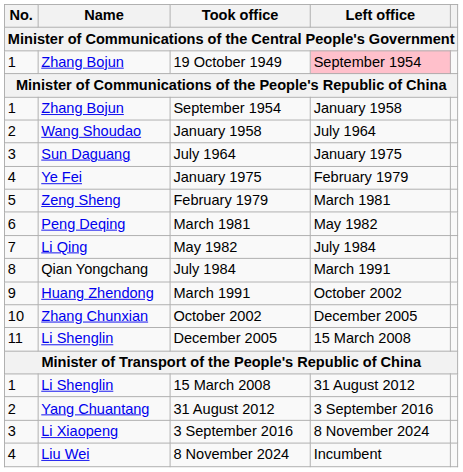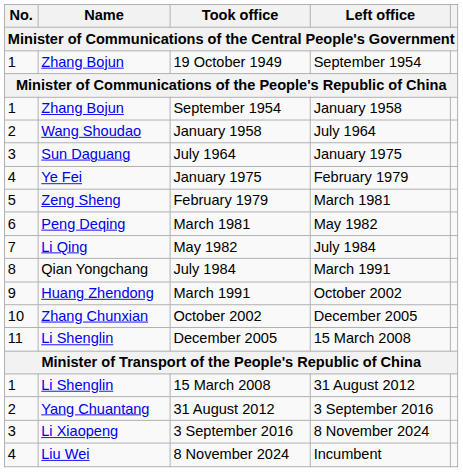 <table class="wikitable">
 <tr>
 <th>No.</th>
 <th>Name</th>
 <th>Took office</th>
 <th>Left office</th>
 <th></th>
 </tr>
 <tr>
 <th colspan="5">Minister of Communications of the Central People's Government</th>
 </tr>
 <tr>
 <td>1</td>
 <td><a href='#'>Zhang Bojun</a></td>
 <td>19 October 1949</td>
-<td style="background: pink;">September 1954</td>
+<td>September 1954</td>
 <td></td>
 </tr>
 <tr>
 <th colspan="5">Minister of Communications of the People's Republic of China</th>
 </tr>
 <tr>
 <td>1</td>
 <td><a href='#'>Zhang Bojun</a></td>
 <td>September 1954</td>
 <td>January 1958</td>
 <td></td>
 </tr>
 <tr>
 <td>2</td>
 <td><a href='#'>Wang Shoudao</a></td>
 <td>January 1958</td>
 <td>July 1964</td>
 <td></td>
 </tr>
 <tr>
 <td>3</td>
 <td><a href='#'>Sun Daguang</a></td>
 <td>July 1964</td>
 <td>January 1975</td>
 <td></td>
 </tr>
 <tr>
 <td>4</td>
 <td><a href='#'>Ye Fei</a></td>
 <td>January 1975</td>
 <td>February 1979</td>
 <td></td>
 </tr>
 <tr>
 <td>5</td>
 <td><a href='#'>Zeng Sheng</a></td>
 <td>February 1979</td>
 <td>March 1981</td>
 <td></td>
 </tr>
 <tr>
 <td>6</td>
 <td><a href='#'>Peng Deqing</a></td>
 <td>March 1981</td>
 <td>May 1982</td>
 <td></td>
 </tr>
 <tr>
 <td>7</td>
 <td><a href='#'>Li Qing</a></td>
 <td>May 1982</td>
 <td>July 1984</td>
 <td></td>
 </tr>
 <tr>
 <td>8</td>
 <td>Qian Yongchang</td>
 <td>July 1984</td>
 <td>March 1991</td>
 <td></td>
 </tr>
 <tr>
 <td>9</td>
 <td><a href='#'>Huang Zhendong</a></td>
 <td>March 1991</td>
 <td>October 2002</td>
 <td></td>
 </tr>
 <tr>
 <td>10</td>
 <td><a href='#'>Zhang Chunxian</a></td>
 <td>October 2002</td>
 <td>December 2005</td>
 <td></td>
 </tr>
 <tr>
 <td>11</td>
 <td><a href='#'>Li Shenglin</a></td>
 <td>December 2005</td>
 <td>15 March 2008</td>
 <td></td>
 </tr>
 <tr>
 <th colspan="5">Minister of Transport of the People's Republic of China</th>
 </tr>
 <tr>
 <td>1</td>
 <td><a href='#'>Li Shenglin</a></td>
 <td>15 March 2008</td>
 <td>31 August 2012</td>
 <td></td>
 </tr>
 <tr>
 <td>2</td>
 <td><a href='#'>Yang Chuantang</a></td>
 <td>31 August 2012</td>
 <td>3 September 2016</td>
 <td></td>
 </tr>
 <tr>
 <td>3</td>
 <td><a href='#'>Li Xiaopeng</a></td>
 <td>3 September 2016</td>
 <td>8 November 2024</td>
 <td></td>
 </tr>
 <tr>
 <td>4</td>
 <td><a href='#'>Liu Wei</a></td>
 <td>8 November 2024</td>
 <td>Incumbent</td>
 <td></td>
 </tr>
 </table>
